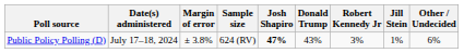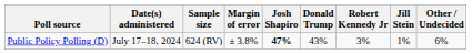 <table class="wikitable sortable mw-datatable" style="font-size:90%;text-align:center;line-height:17px">
 <tr valign=bottom>
 <th>Poll source</th>
 <th>Date(s)<br>administered</th>
+<th>Sample<br>size</th>
 <th>Margin<br>of error</th>
-<th>Sample<br>size</th>
 <th class="unsortable">Josh<br>Shapiro<br></th>
 <th class="unsortable">Donald<br>Trump<br></th>
 <th class="unsortable">Robert<br>Kennedy Jr<br></th>
 <th class="unsortable">Jill<br>Stein<br></th>
 <th class="unsortable">Other /<br>Undecided</th>
 </tr>
 <tr>
 <td style="text-align:left;"><a href='#'>Public Policy Polling (D)</a></td>
 <td data-sort-value="2024-07-18">July 17–18, 2024</td>
+<td>624 (RV)</td>
 <td>± 3.8%</td>
-<td>624 (RV)</td>
 <td style="color:black;background-color:"><strong>47%</strong></td>
 <td>43%</td>
 <td>3%</td>
 <td>1%</td>
 <td>6%</td>
 </tr>
 </table>
